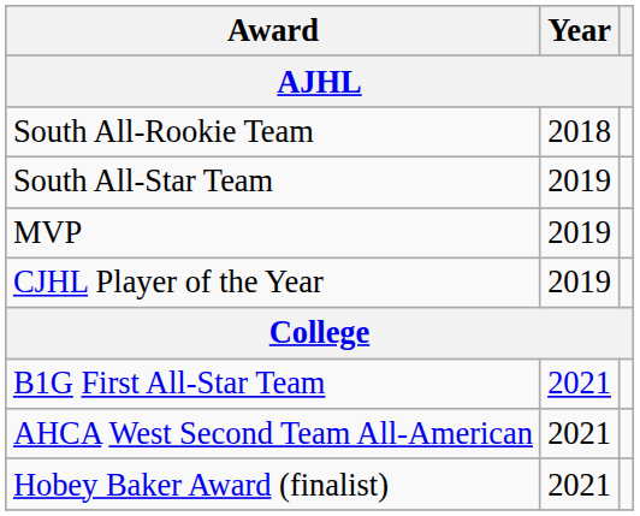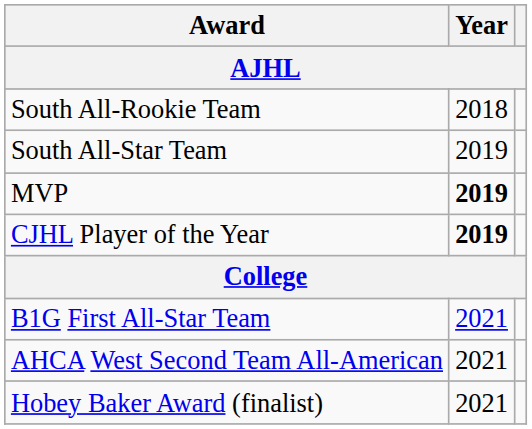 <table class="wikitable">
 <tr>
 <th>Award</th>
 <th>Year</th>
 <th></th>
 </tr>
 <tr ALIGN="center" bgcolor="#e0e0e0">
 <th colspan="3"><a href='#'>AJHL</a></th>
 </tr>
 <tr>
 <td>South All-Rookie Team</td>
 <td>2018</td>
 <td></td>
 </tr>
 <tr>
 <td>South All-Star Team</td>
 <td>2019</td>
 <td></td>
 </tr>
 <tr>
 <td>MVP</td>
-<td>2019</td>
+<td><strong>2019</strong></td>
 <td></td>
 </tr>
 <tr>
 <td><a href='#'>CJHL</a> Player of the Year</td>
-<td>2019</td>
+<td><strong>2019</strong></td>
 <td></td>
 </tr>
 <tr ALIGN="center" bgcolor="#e0e0e0">
 <th colspan="3"><a href='#'>College</a></th>
 </tr>
 <tr>
 <td><a href='#'>B1G</a> <a href='#'>First All-Star Team</a></td>
 <td><a href='#'>2021</a></td>
 <td></td>
 </tr>
 <tr>
 <td><a href='#'>AHCA</a> <a href='#'>West Second Team All-American</a></td>
 <td>2021</td>
 <td></td>
 </tr>
 <tr>
 <td><a href='#'>Hobey Baker Award</a> (finalist)</td>
 <td>2021</td>
 <td></td>
 </tr>
 </table>
